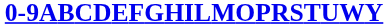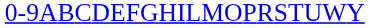 <table id="toc" class="toc" summary="Class">
 <tr>
 <th></th>
 </tr>
 <tr>
-<td style="text-align:center;"><strong><a href='#'>0-9</a><a href='#'>A</a><a href='#'>B</a><a href='#'>C</a><a href='#'>D</a><a href='#'>E</a><a href='#'>F</a><a href='#'>G</a><a href='#'>H</a><a href='#'>I</a><a href='#'>L</a><a href='#'>M</a><a href='#'>O</a><a href='#'>P</a><a href='#'>R</a><a href='#'>S</a><a href='#'>T</a><a href='#'>U</a><a href='#'>W</a><a href='#'>Y</a></strong></td>
+<td style="text-align:center;"><a href='#'>0-9</a><a href='#'>A</a><a href='#'>B</a><a href='#'>C</a><a href='#'>D</a><a href='#'>E</a><a href='#'>F</a><a href='#'>G</a><a href='#'>H</a><a href='#'>I</a><a href='#'>L</a><a href='#'>M</a><a href='#'>O</a><a href='#'>P</a><a href='#'>R</a><a href='#'>S</a><a href='#'>T</a><a href='#'>U</a><a href='#'>W</a><a href='#'>Y</a></td>
 </tr>
 </table>
